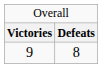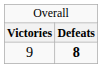 <table class="wikitable">
 <tr>
 <td align=center colspan=2>Overall</td>
 </tr>
 <tr>
 <th>Victories</th>
 <th>Defeats</th>
 </tr>
 <tr>
 <td align=center><big>9</big></td>
-<td align=center><big>8</big></td>
+<td align=center><strong><big>8</big></strong></td>
 </tr>
 </table>
